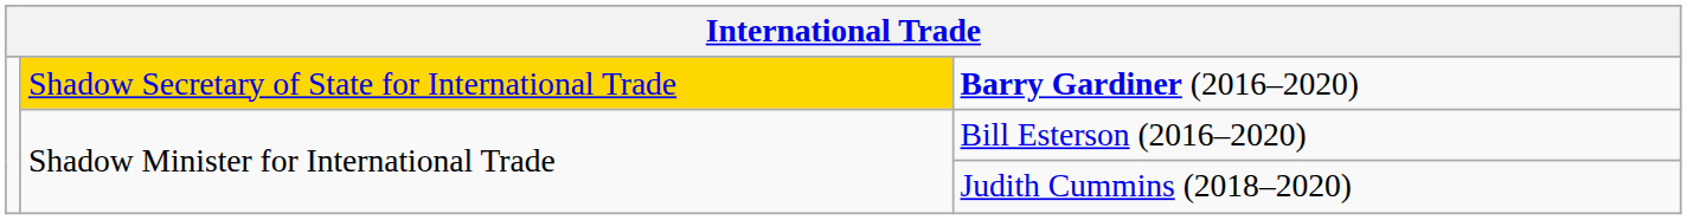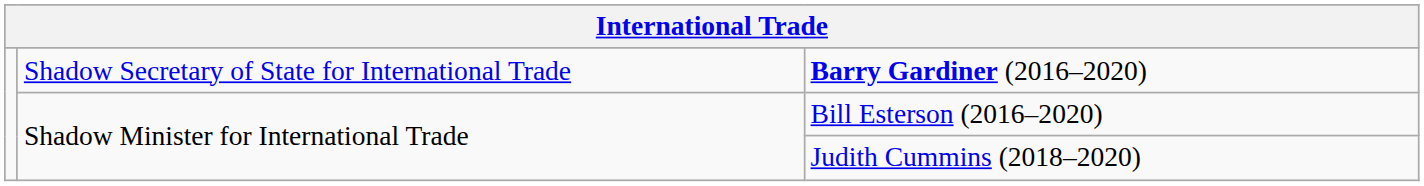 <table class="wikitable">
 <tr>
 <th colspan="3"><a href='#'>International Trade</a></th>
 </tr>
 <tr>
 <td rowspan="3" style="background: "></td>
-<td style="background: gold; width: 450px;"><a href='#'>Shadow Secretary of State for International Trade</a></td>
+<td style="width: 450px;"><a href='#'>Shadow Secretary of State for International Trade</a></td>
 <td style="width: 350px;"><strong><a href='#'>Barry Gardiner</a></strong> (2016–2020)</td>
 </tr>
 <tr>
 <td rowspan="2">Shadow Minister for International Trade</td>
 <td><a href='#'>Bill Esterson</a> (2016–2020)</td>
 </tr>
 <tr>
 <td><a href='#'>Judith Cummins</a> (2018–2020)</td>
 </tr>
 </table>
